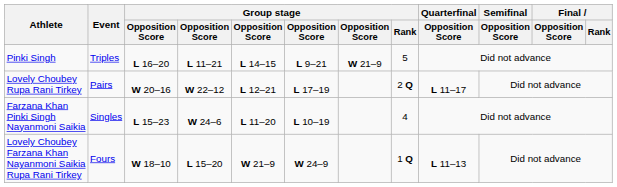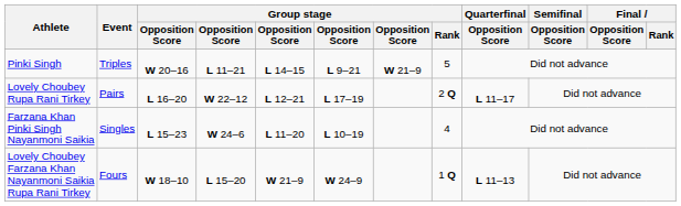 <table class=wikitable style=font-size:90%;text-align:center;>
 <tr>
 <th rowspan=2>Athlete</th>
 <th rowspan=2>Event</th>
 <th colspan=6>Group stage</th>
 <th>Quarterfinal</th>
 <th>Semifinal</th>
 <th colspan=2>Final / </th>
 </tr>
 <tr style="font-size:95%">
 <th>Opposition<br>Score</th>
 <th>Opposition<br>Score</th>
 <th>Opposition<br>Score</th>
 <th>Opposition<br>Score</th>
 <th>Opposition<br>Score</th>
 <th>Rank</th>
 <th>Opposition<br>Score</th>
 <th>Opposition<br>Score</th>
 <th>Opposition<br>Score</th>
 <th>Rank</th>
 </tr>
 <tr>
 <td align=left><a href='#'>Pinki Singh</a></td>
 <td align=left><a href='#'>Triples</a></td>
-<td><br><strong>L</strong> 16–20</td>
+<td><br><strong>W</strong> 20–16</td>
 <td><br><strong>L</strong> 11–21</td>
 <td><br><strong>L</strong> 14–15</td>
 <td><br><strong>L</strong> 9–21</td>
 <td><br><strong>W</strong> 21–9</td>
 <td>5</td>
 <td colspan=4>Did not advance</td>
 </tr>
 <tr>
 <td align=left><a href='#'>Lovely Choubey</a><br><a href='#'>Rupa Rani Tirkey</a></td>
 <td align=left><a href='#'>Pairs</a></td>
-<td><br><strong>W</strong> 20–16</td>
+<td><br><strong>L</strong> 16–20</td>
 <td><br><strong>W</strong> 22–12</td>
 <td><br><strong>L</strong> 12–21</td>
 <td><br><strong>L</strong> 17–19</td>
 <td></td>
 <td>2 <strong>Q</strong></td>
 <td><br><strong>L</strong> 11–17</td>
 <td colspan=3>Did not advance</td>
 </tr>
 <tr>
 <td align=left><a href='#'>Farzana Khan</a><br><a href='#'>Pinki Singh</a><br><a href='#'>Nayanmoni Saikia</a></td>
 <td align=left><a href='#'>Singles</a></td>
 <td><br><strong>L</strong> 15–23</td>
 <td><br><strong>W</strong> 24–6</td>
 <td><br><strong>L</strong> 11–20</td>
 <td><br><strong>L</strong> 10–19</td>
 <td></td>
 <td>4</td>
 <td colspan=4>Did not advance</td>
 </tr>
 <tr>
 <td align=left><a href='#'>Lovely Choubey</a><br><a href='#'>Farzana Khan</a><br><a href='#'>Nayanmoni Saikia</a><br><a href='#'>Rupa Rani Tirkey</a></td>
 <td align=left><a href='#'>Fours</a></td>
 <td><br><strong>W</strong> 18–10</td>
 <td><br><strong>L</strong> 15–20</td>
 <td><br><strong>W</strong> 21–9</td>
 <td><br><strong>W</strong> 24–9</td>
 <td></td>
 <td>1 <strong>Q</strong></td>
 <td><br><strong>L</strong> 11–13</td>
 <td colspan=3>Did not advance</td>
 </tr>
 </table>
